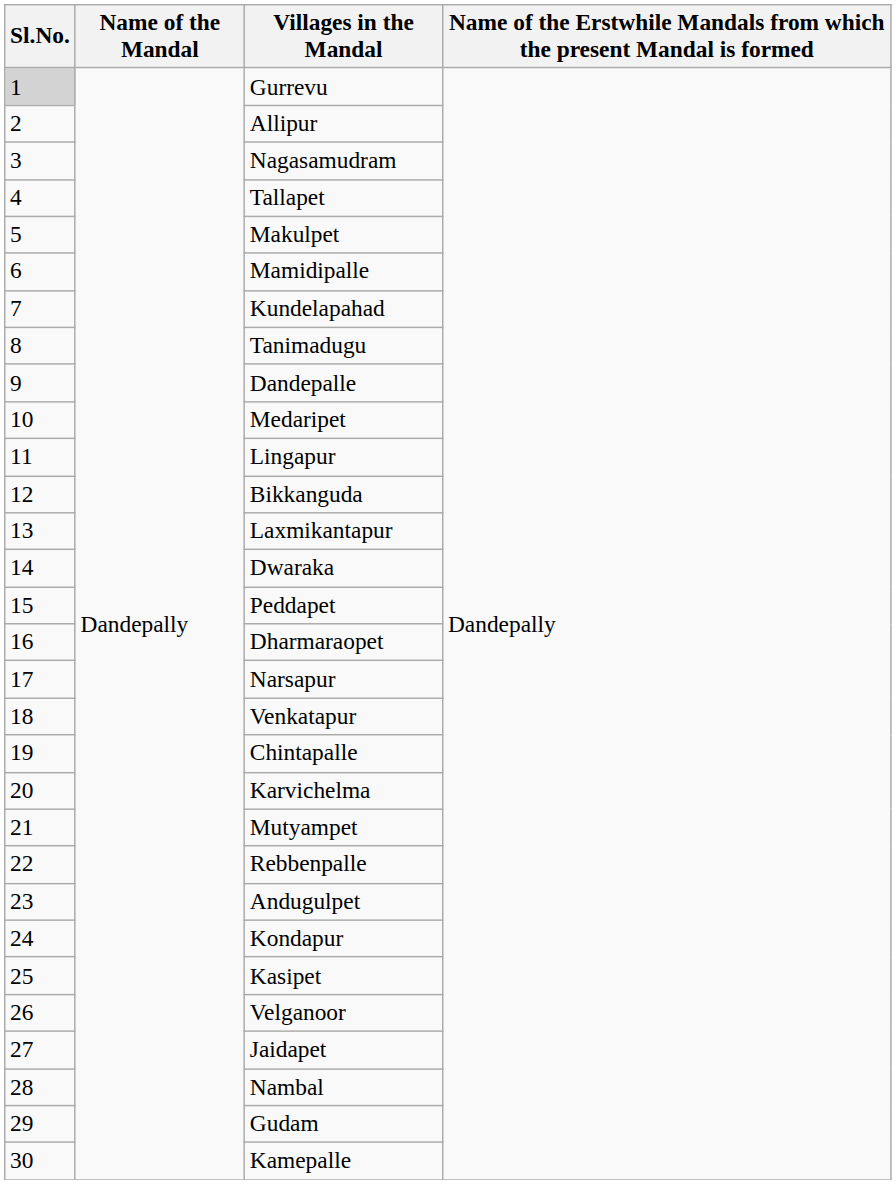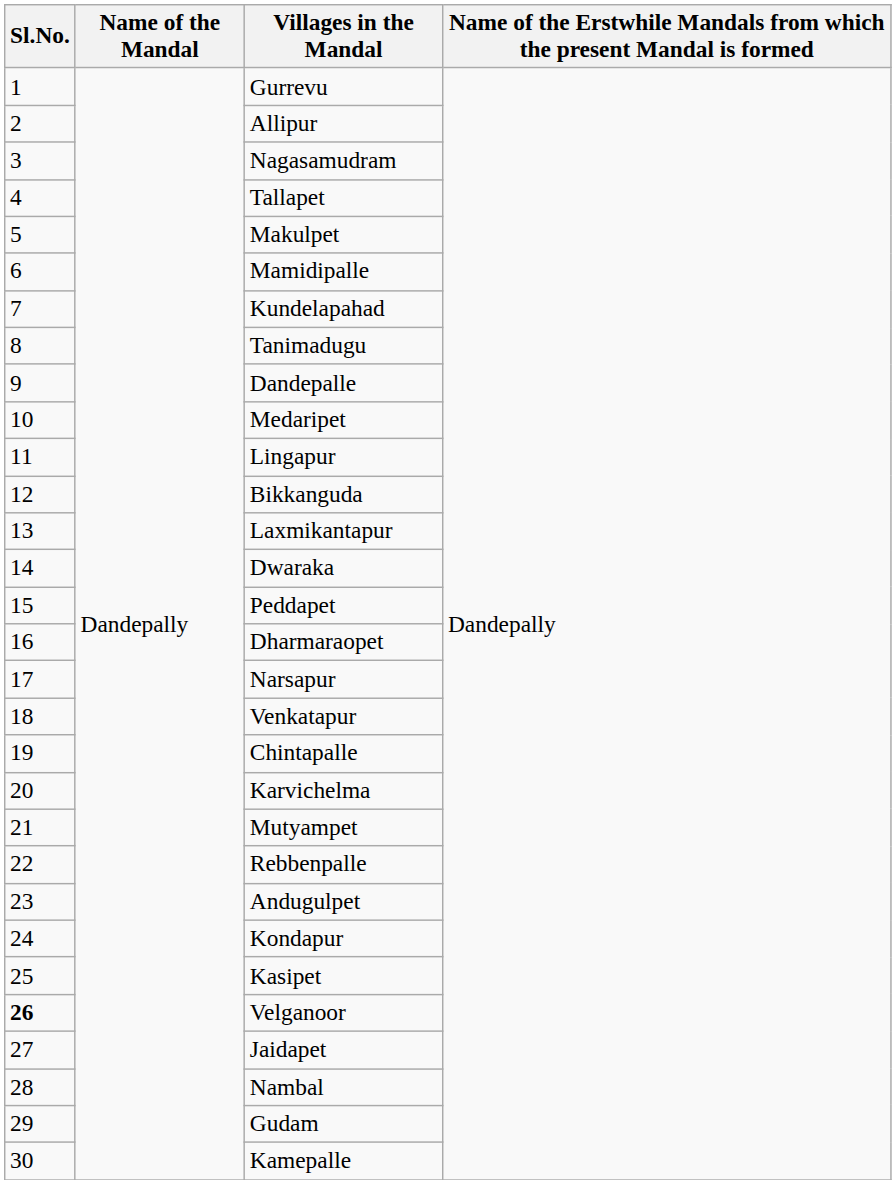 <table class="wikitable">
 <tr>
 <th>Sl.No.</th>
 <th>Name of the Mandal</th>
 <th>Villages in the Mandal</th>
 <th>Name of the Erstwhile Mandals from which the present Mandal is formed</th>
 </tr>
 <tr>
-<td style="background: lightgrey;">1</td>
+<td>1</td>
 <td rowspan="30">Dandepally</td>
 <td>Gurrevu</td>
 <td rowspan="30">Dandepally</td>
 </tr>
 <tr>
 <td>2</td>
 <td>Allipur</td>
 </tr>
 <tr>
 <td>3</td>
 <td>Nagasamudram</td>
 </tr>
 <tr>
 <td>4</td>
 <td>Tallapet</td>
 </tr>
 <tr>
 <td>5</td>
 <td>Makulpet</td>
 </tr>
 <tr>
 <td>6</td>
 <td>Mamidipalle</td>
 </tr>
 <tr>
 <td>7</td>
 <td>Kundelapahad</td>
 </tr>
 <tr>
 <td>8</td>
 <td>Tanimadugu</td>
 </tr>
 <tr>
 <td>9</td>
 <td>Dandepalle</td>
 </tr>
 <tr>
 <td>10</td>
 <td>Medaripet</td>
 </tr>
 <tr>
 <td>11</td>
 <td>Lingapur</td>
 </tr>
 <tr>
 <td>12</td>
 <td>Bikkanguda</td>
 </tr>
 <tr>
 <td>13</td>
 <td>Laxmikantapur</td>
 </tr>
 <tr>
 <td>14</td>
 <td>Dwaraka</td>
 </tr>
 <tr>
 <td>15</td>
 <td>Peddapet</td>
 </tr>
 <tr>
 <td>16</td>
 <td>Dharmaraopet</td>
 </tr>
 <tr>
 <td>17</td>
 <td>Narsapur</td>
 </tr>
 <tr>
 <td>18</td>
 <td>Venkatapur</td>
 </tr>
 <tr>
 <td>19</td>
 <td>Chintapalle</td>
 </tr>
 <tr>
 <td>20</td>
 <td>Karvichelma</td>
 </tr>
 <tr>
 <td>21</td>
 <td>Mutyampet</td>
 </tr>
 <tr>
 <td>22</td>
 <td>Rebbenpalle</td>
 </tr>
 <tr>
 <td>23</td>
 <td>Andugulpet</td>
 </tr>
 <tr>
 <td>24</td>
 <td>Kondapur</td>
 </tr>
 <tr>
 <td>25</td>
 <td>Kasipet</td>
 </tr>
 <tr>
-<td>26</td>
+<td><strong>26</strong></td>
 <td>Velganoor</td>
 </tr>
 <tr>
 <td>27</td>
 <td>Jaidapet</td>
 </tr>
 <tr>
 <td>28</td>
 <td>Nambal</td>
 </tr>
 <tr>
 <td>29</td>
 <td>Gudam</td>
 </tr>
 <tr>
 <td>30</td>
 <td>Kamepalle</td>
 </tr>
 </table>
